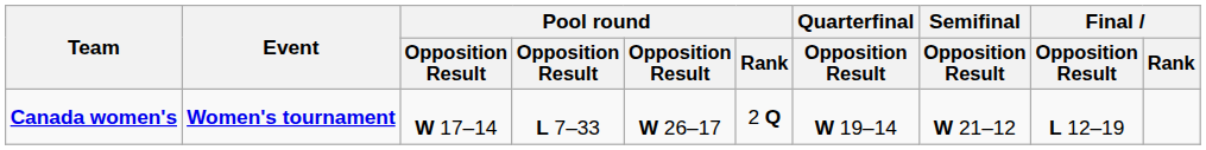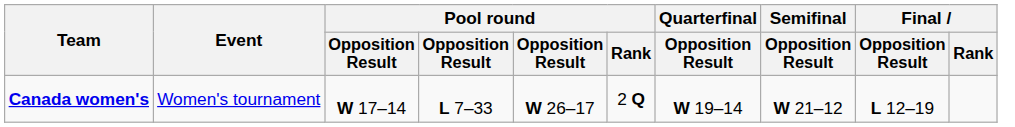 <table class=wikitable style=font-size:90%;text-align:center>
 <tr>
 <th rowspan=2>Team</th>
 <th rowspan=2>Event</th>
 <th colspan=4>Pool round</th>
 <th>Quarterfinal</th>
 <th>Semifinal</th>
 <th colspan=2>Final / </th>
 </tr>
 <tr style=font-size:95%>
 <th>Opposition<br>Result</th>
 <th>Opposition<br>Result</th>
 <th>Opposition<br>Result</th>
 <th>Rank</th>
 <th>Opposition<br>Result</th>
 <th>Opposition<br>Result</th>
 <th>Opposition<br>Result</th>
 <th>Rank</th>
 </tr>
 <tr>
 <td align=left><strong><a href='#'>Canada women's</a></strong></td>
-<td align=left><strong><a href='#'>Women's tournament</a></strong></td>
+<td align=left><a href='#'>Women's tournament</a></td>
 <td><br><strong>W</strong> 17–14</td>
 <td><br><strong>L</strong> 7–33</td>
 <td><br> <strong>W</strong> 26–17</td>
 <td>2 <strong>Q</strong></td>
 <td><br><strong>W</strong> 19–14</td>
 <td><br><strong>W</strong> 21–12</td>
 <td><br><strong>L</strong> 12–19</td>
 <td></td>
 </tr>
 </table>
